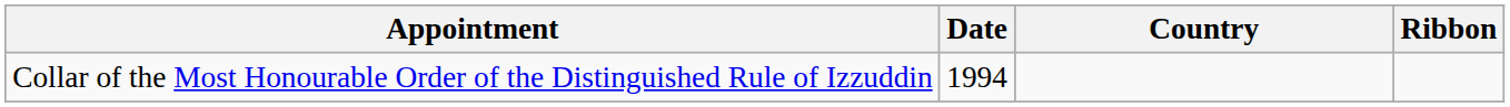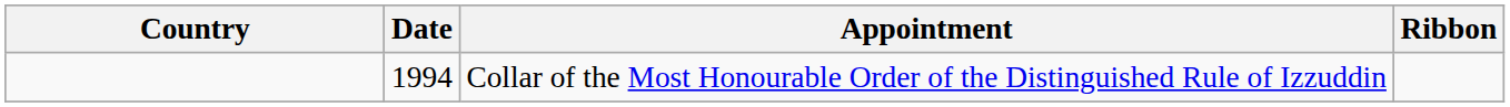 <table class="wikitable plainrowheaders">
 <tr>
+<th scope="col" style="width:12em;">Country</th>
+<th scope="col">Date</th>
 <th scope="col">Appointment</th>
-<th scope="col">Date</th>
-<th scope="col" style="width:12em;">Country</th>
 <th scope="col">Ribbon</th>
 </tr>
 <tr>
+<td></td>
+<td>1994</td>
 <td>Collar of the <a href='#'>Most Honourable Order of the Distinguished Rule of Izzuddin</a></td>
-<td>1994</td>
-<td></td>
 <td></td>
 </tr>
 </table>
